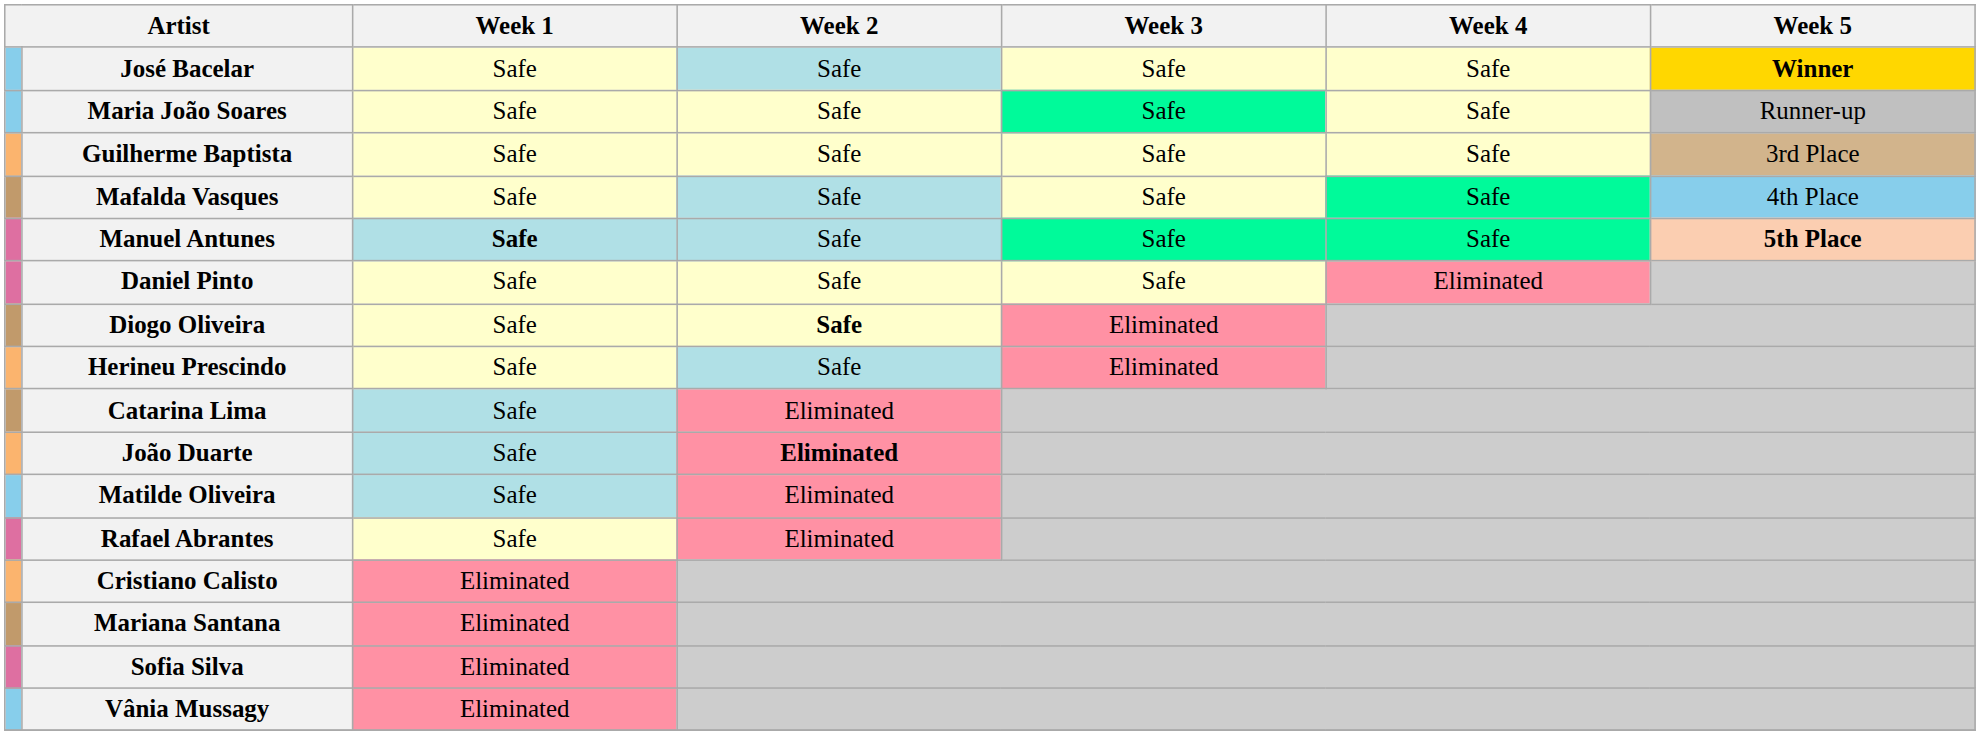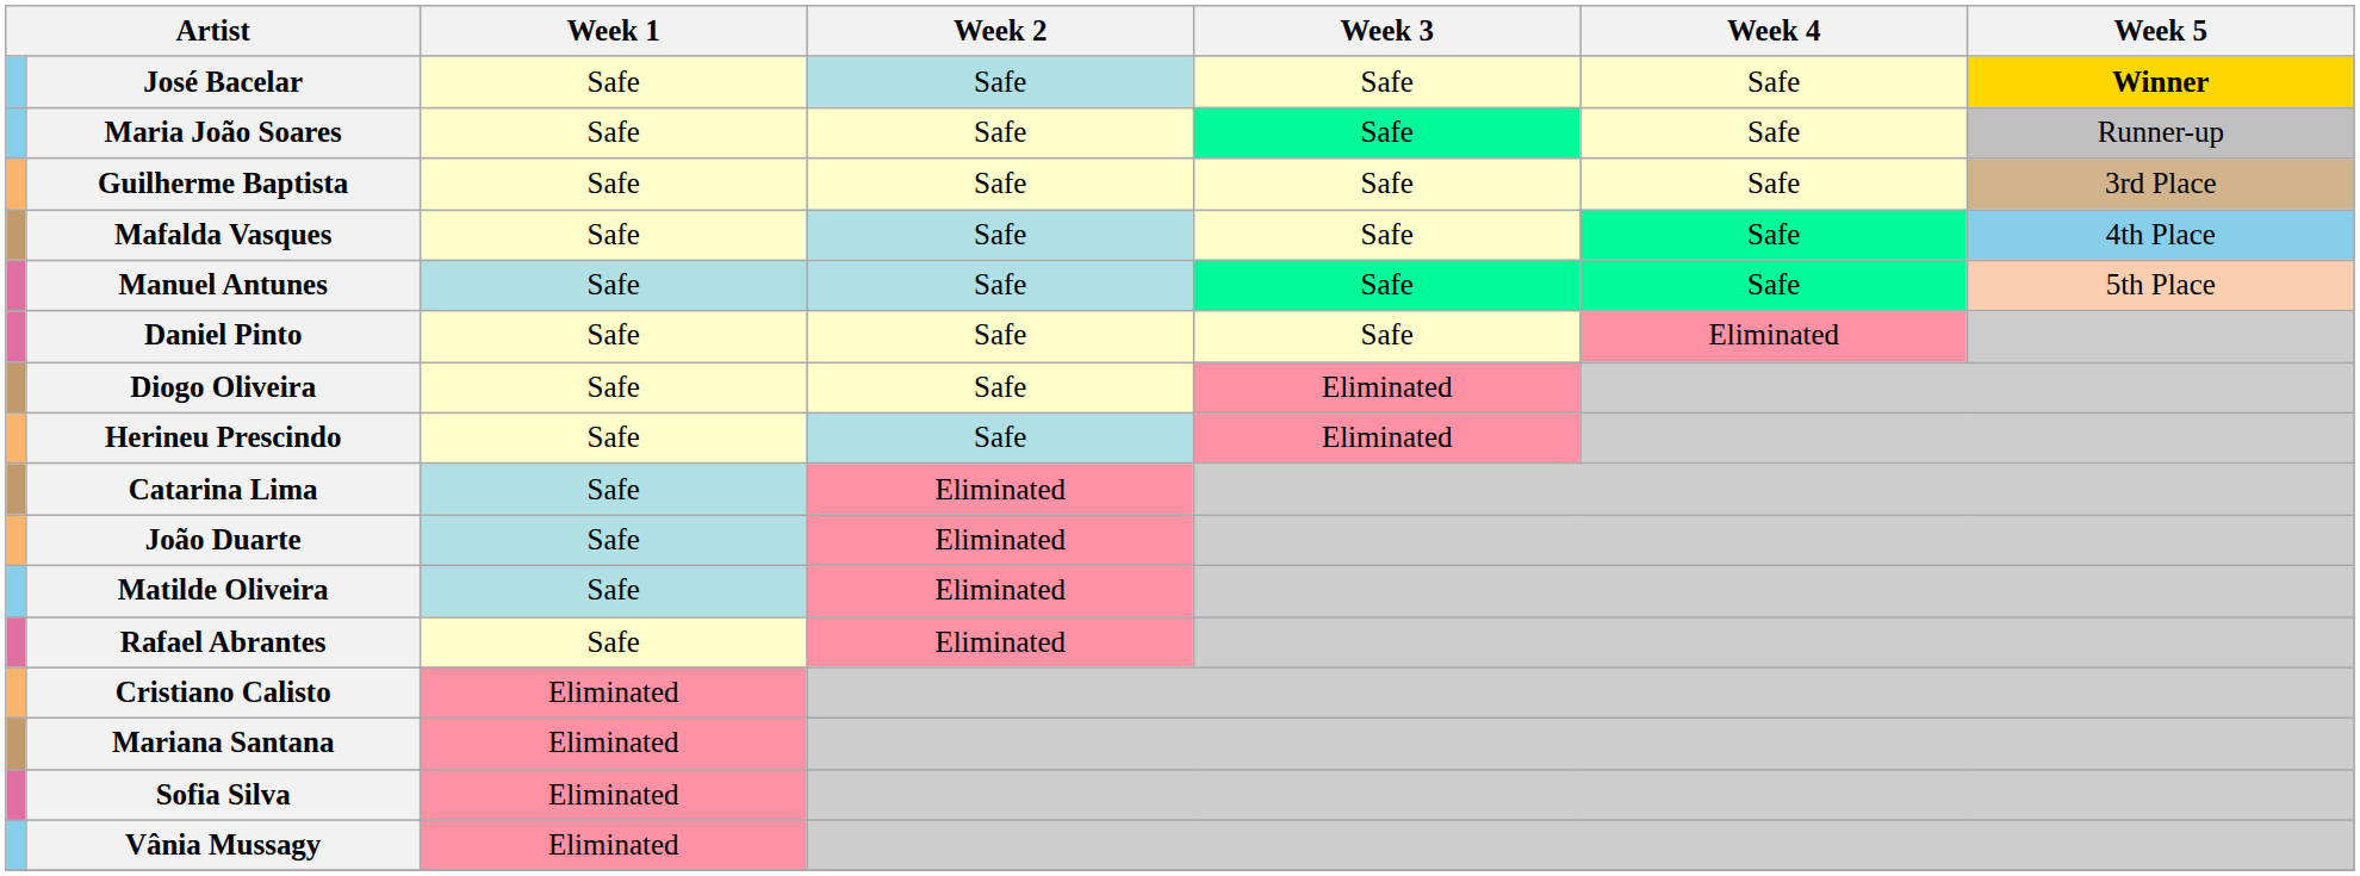 <table class="wikitable nowrap" style="text-align:center; line-height:20px; width:100%">
 <tr>
 <th style="width:15%" colspan="2">Artist</th>
 <th style="width:14%">Week 1</th>
 <th style="width:14%">Week 2</th>
 <th style="width:14%">Week 3</th>
 <th style="width:14%">Week 4</th>
 <th style="width:14%">Week 5</th>
 </tr>
 <tr>
 <th style="background:#87ceeb"></th>
 <th>José Bacelar</th>
 <td style="background:#FFFFCC">Safe</td>
 <td style="background:#B0E0E6">Safe</td>
 <td style="background:#FFFFCC">Safe</td>
 <td style="background:#FFFFCC">Safe</td>
 <td style="background:gold"><strong>Winner</strong></td>
 </tr>
 <tr>
 <th style="background:#87ceeb"></th>
 <th>Maria João Soares</th>
 <td style="background:#FFFFCC">Safe</td>
 <td style="background:#FFFFCC">Safe</td>
 <td style="background:#00fa9a">Safe</td>
 <td style="background:#FFFFCC">Safe</td>
 <td style="background:silver">Runner-up</td>
 </tr>
 <tr>
 <th style="background:#fbb46e"></th>
 <th>Guilherme Baptista</th>
 <td style="background:#FFFFCC">Safe</td>
 <td style="background:#FFFFCC">Safe</td>
 <td style="background:#FFFFCC">Safe</td>
 <td style="background:#FFFFCC">Safe</td>
 <td style="background:tan">3rd Place</td>
 </tr>
 <tr>
 <th style="background:#C19A6B"></th>
 <th>Mafalda Vasques</th>
 <td style="background:#FFFFCC">Safe</td>
 <td style="background:#B0E0E6">Safe</td>
 <td style="background:#FFFFCC">Safe</td>
 <td style="background:#00fa9a">Safe</td>
 <td style="background:skyblue">4th Place</td>
 </tr>
 <tr>
 <th style="background:#DE6FA1"></th>
 <th>Manuel Antunes</th>
-<td style="background:#B0E0E6"><strong>Safe</strong></td>
+<td style="background:#B0E0E6">Safe</td>
 <td style="background:#B0E0E6">Safe</td>
 <td style="background:#00fa9a">Safe</td>
 <td style="background:#00fa9a">Safe</td>
-<td style="background:#fbceb1"><strong>5th Place</strong></td>
+<td style="background:#fbceb1">5th Place</td>
 </tr>
 <tr>
 <th style="background:#DE6FA1"></th>
 <th>Daniel Pinto</th>
 <td style="background:#FFFFCC">Safe</td>
 <td style="background:#FFFFCC">Safe</td>
 <td style="background:#FFFFCC">Safe</td>
 <td style="background:#FF91A4">Eliminated</td>
 <td style="background:#cdcdcd"></td>
 </tr>
 <tr>
 <th style="background:#C19A6B"></th>
 <th>Diogo Oliveira</th>
 <td style="background:#FFFFCC">Safe</td>
-<td style="background:#FFFFCC"><strong>Safe</strong></td>
+<td style="background:#FFFFCC">Safe</td>
 <td style="background:#FF91A4">Eliminated</td>
 <td style="background:#cdcdcd" colspan="2"></td>
 </tr>
 <tr>
 <th style="background:#fbb46e"></th>
 <th>Herineu Prescindo</th>
 <td style="background:#FFFFCC">Safe</td>
 <td style="background:#B0E0E6">Safe</td>
 <td style="background:#FF91A4">Eliminated</td>
 <td style="background:#cdcdcd" colspan="2"></td>
 </tr>
 <tr>
 <th style="background:#C19A6B"></th>
 <th>Catarina Lima</th>
 <td style="background:#B0E0E6">Safe</td>
 <td style="background:#FF91A4">Eliminated</td>
 <td style="background:#cdcdcd" colspan="3"></td>
 </tr>
 <tr>
 <th style="background:#fbb46e"></th>
 <th>João Duarte</th>
 <td style="background:#B0E0E6">Safe</td>
-<td style="background:#FF91A4"><strong>Eliminated</strong></td>
+<td style="background:#FF91A4">Eliminated</td>
 <td style="background:#cdcdcd" colspan="3"></td>
 </tr>
 <tr>
 <th style="background:#87ceeb"></th>
 <th>Matilde Oliveira</th>
 <td style="background:#B0E0E6">Safe</td>
 <td style="background:#FF91A4">Eliminated</td>
 <td style="background:#cdcdcd" colspan="3"></td>
 </tr>
 <tr>
 <th style="background:#DE6FA1"></th>
 <th>Rafael Abrantes</th>
 <td style="background:#FFFFCC">Safe</td>
 <td style="background:#FF91A4">Eliminated</td>
 <td style="background:#cdcdcd" colspan="3"></td>
 </tr>
 <tr>
 <th style="background:#fbb46e"></th>
 <th>Cristiano Calisto</th>
 <td style="background:#FF91A4">Eliminated</td>
 <td style="background:#cdcdcd" colspan="4"></td>
 </tr>
 <tr>
 <th style="background:#C19A6B"></th>
 <th>Mariana Santana</th>
 <td style="background:#FF91A4">Eliminated</td>
 <td style="background:#cdcdcd" colspan="4"></td>
 </tr>
 <tr>
 <th style="background:#DE6FA1"></th>
 <th>Sofia Silva</th>
 <td style="background:#FF91A4">Eliminated</td>
 <td style="background:#cdcdcd" colspan="4"></td>
 </tr>
 <tr>
 <th style="background:#87ceeb"></th>
 <th>Vânia Mussagy</th>
 <td style="background:#FF91A4">Eliminated</td>
 <td style="background:#cdcdcd" colspan="4"></td>
 </tr>
 <tr>
 </tr>
 </table>
